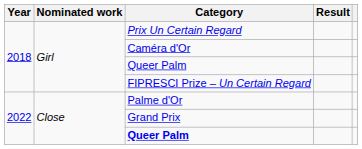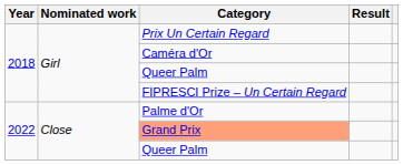 <table class="wikitable sortable">
 <tr>
 <th>Year</th>
 <th>Nominated work</th>
 <th>Category</th>
 <th>Result</th>
 <th class="unsortable"></th>
 </tr>
 <tr>
 <td rowspan="4"><a href='#'>2018</a></td>
 <td rowspan="4"><em>Girl</em></td>
 <td><em><a href='#'>Prix Un Certain Regard</a></em></td>
 <td></td>
 <td></td>
 </tr>
 <tr>
 <td><a href='#'>Caméra d'Or</a></td>
 <td></td>
 <td></td>
 </tr>
 <tr>
 <td><a href='#'>Queer Palm</a></td>
 <td></td>
 <td></td>
 </tr>
 <tr>
 <td><a href='#'>FIPRESCI Prize – <em>Un Certain Regard</em></a></td>
 <td></td>
 <td></td>
 </tr>
 <tr>
 <td rowspan="3"><a href='#'>2022</a></td>
 <td rowspan="3"><em>Close</em></td>
 <td><a href='#'>Palme d'Or</a></td>
 <td></td>
 <td></td>
 </tr>
 <tr>
-<td><a href='#'>Grand Prix</a></td>
+<td style="background: lightsalmon;"><a href='#'>Grand Prix</a></td>
 <td></td>
 <td></td>
 </tr>
 <tr>
-<td><strong><a href='#'>Queer Palm</a></strong></td>
+<td><a href='#'>Queer Palm</a></td>
 <td></td>
 <td></td>
 </tr>
 </table>
